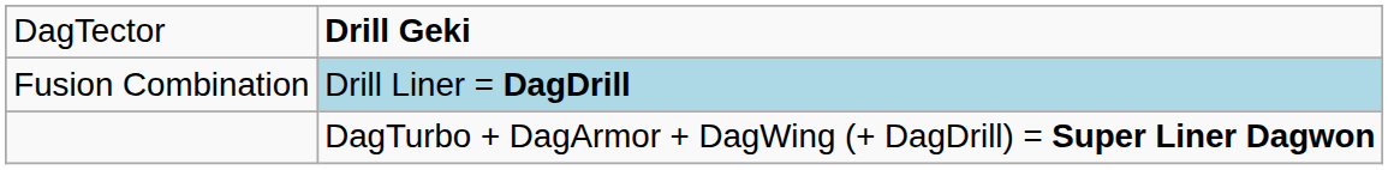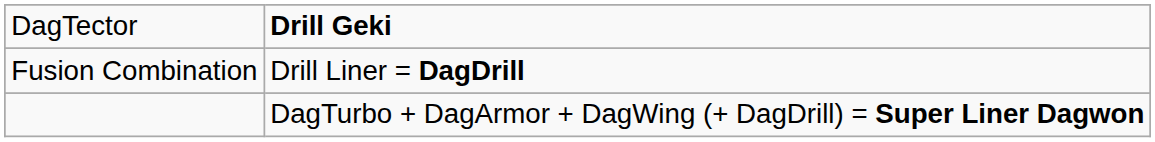 <table class="wikitable" style="text-align:left">
 <tr>
 <td>DagTector</td>
 <td><strong>Drill Geki</strong></td>
 </tr>
 <tr>
 <td>Fusion Combination</td>
-<td Drill Geki + C62 steam locomotive style="background: lightblue;">Drill Liner = <strong>DagDrill</strong></td>
+<td Drill Geki + C62 steam locomotive>Drill Liner = <strong>DagDrill</strong></td>
 </tr>
 <tr>
 <td></td>
 <td>DagTurbo + DagArmor + DagWing (+ DagDrill) = <strong>Super Liner Dagwon</strong></td>
 </tr>
 </table>
